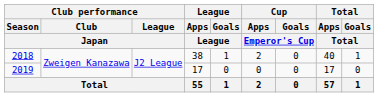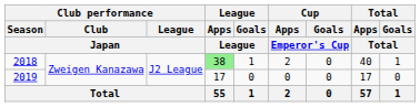 <table class="wikitable" style="text-align:center;">
 <tr>
 <th colspan=3>Club performance</th>
 <th colspan=2>League</th>
 <th colspan=2>Cup</th>
 <th colspan=2>Total</th>
 </tr>
 <tr>
 <th>Season</th>
 <th>Club</th>
 <th>League</th>
 <th>Apps</th>
 <th>Goals</th>
 <th>Apps</th>
 <th>Goals</th>
 <th>Apps</th>
 <th>Goals</th>
 </tr>
 <tr>
 <th colspan=3>Japan</th>
 <th colspan=2>League</th>
 <th colspan=2><a href='#'>Emperor's Cup</a></th>
 <th colspan=2>Total</th>
 </tr>
 <tr>
 <td><a href='#'>2018</a></td>
 <td rowspan="2"><a href='#'>Zweigen Kanazawa</a></td>
 <td rowspan="2"><a href='#'>J2 League</a></td>
-<td>38</td>
+<td style="background: lightgreen;">38</td>
 <td>1</td>
 <td>2</td>
 <td>0</td>
 <td>40</td>
 <td>1</td>
 </tr>
 <tr>
 <td><a href='#'>2019</a></td>
 <td>17</td>
 <td>0</td>
 <td>0</td>
 <td>0</td>
 <td>17</td>
 <td>0</td>
 </tr>
 <tr>
 <th colspan=3>Total</th>
 <th>55</th>
 <th>1</th>
 <th>2</th>
 <th>0</th>
 <th>57</th>
 <th>1</th>
 </tr>
 </table>
